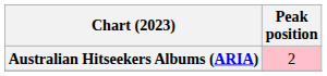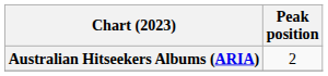 <table class="wikitable sortable plainrowheaders" style="text-align:center">
 <tr>
 <th scope="col">Chart (2023)</th>
 <th scope="col">Peak<br>position</th>
 </tr>
 <tr>
 <th scope="row">Australian Hitseekers Albums (<a href='#'>ARIA</a>)</th>
-<td style="background: pink;">2</td>
+<td>2</td>
 </tr>
 <tr>
 </tr>
 <tr>
 </tr>
 <tr>
 </tr>
 <tr>
 </tr>
 </table>
